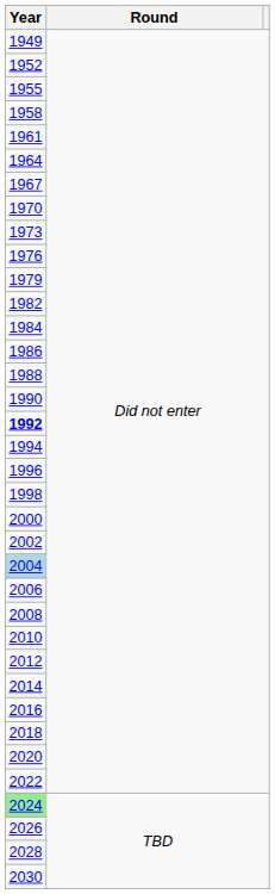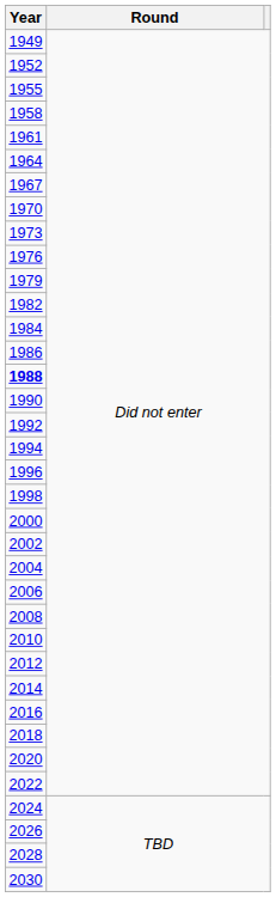 <table class="wikitable" style="text-align: center; font-size:90%">
 <tr>
 <th>Year</th>
 <th style="width:200px">Round</th>
 <th></th>
 </tr>
 <tr>
 <td><a href='#'>1949</a></td>
 <td colspan="2" rowspan="32"><em>Did not enter</em></td>
 </tr>
 <tr>
 <td><a href='#'>1952</a></td>
 </tr>
 <tr>
 <td><a href='#'>1955</a></td>
 </tr>
 <tr>
 <td><a href='#'>1958</a></td>
 </tr>
 <tr>
 <td><a href='#'>1961</a></td>
 </tr>
 <tr>
 <td><a href='#'>1964</a></td>
 </tr>
 <tr>
 <td><a href='#'>1967</a></td>
 </tr>
 <tr>
 <td><a href='#'>1970</a></td>
 </tr>
 <tr>
 <td><a href='#'>1973</a></td>
 </tr>
 <tr>
 <td><a href='#'>1976</a></td>
 </tr>
 <tr>
 <td><a href='#'>1979</a></td>
 </tr>
 <tr>
 <td><a href='#'>1982</a></td>
 </tr>
 <tr>
 <td><a href='#'>1984</a></td>
 </tr>
 <tr>
 <td><a href='#'>1986</a></td>
 </tr>
 <tr>
-<td><a href='#'>1988</a></td>
+<td><strong><a href='#'>1988</a></strong></td>
 </tr>
 <tr>
 <td><a href='#'>1990</a></td>
 </tr>
 <tr>
-<td><strong><a href='#'>1992</a></strong></td>
+<td><a href='#'>1992</a></td>
 </tr>
 <tr>
 <td><a href='#'>1994</a></td>
 </tr>
 <tr>
 <td><a href='#'>1996</a></td>
 </tr>
 <tr>
 <td><a href='#'>1998</a></td>
 </tr>
 <tr>
 <td><a href='#'>2000</a></td>
 </tr>
 <tr>
 <td><a href='#'>2002</a></td>
 </tr>
 <tr>
-<td style="background: lightblue;"><a href='#'>2004</a></td>
+<td><a href='#'>2004</a></td>
 </tr>
 <tr>
 <td><a href='#'>2006</a></td>
 </tr>
 <tr>
 <td><a href='#'>2008</a></td>
 </tr>
 <tr>
 <td><a href='#'>2010</a></td>
 </tr>
 <tr>
 <td><a href='#'>2012</a></td>
 </tr>
 <tr>
 <td><a href='#'>2014</a></td>
 </tr>
 <tr>
 <td><a href='#'>2016</a></td>
 </tr>
 <tr>
 <td><a href='#'>2018</a></td>
 </tr>
 <tr>
 <td><a href='#'>2020</a></td>
 </tr>
 <tr>
 <td><a href='#'>2022</a></td>
 </tr>
 <tr>
-<td style="background: lightgreen;"><a href='#'>2024</a></td>
+<td><a href='#'>2024</a></td>
 <td colspan="2" rowspan="4"><em>TBD</em></td>
 </tr>
 <tr>
 <td><a href='#'>2026</a></td>
 </tr>
 <tr>
 <td><a href='#'>2028</a></td>
 </tr>
 <tr>
 <td><a href='#'>2030</a></td>
 </tr>
 </table>
